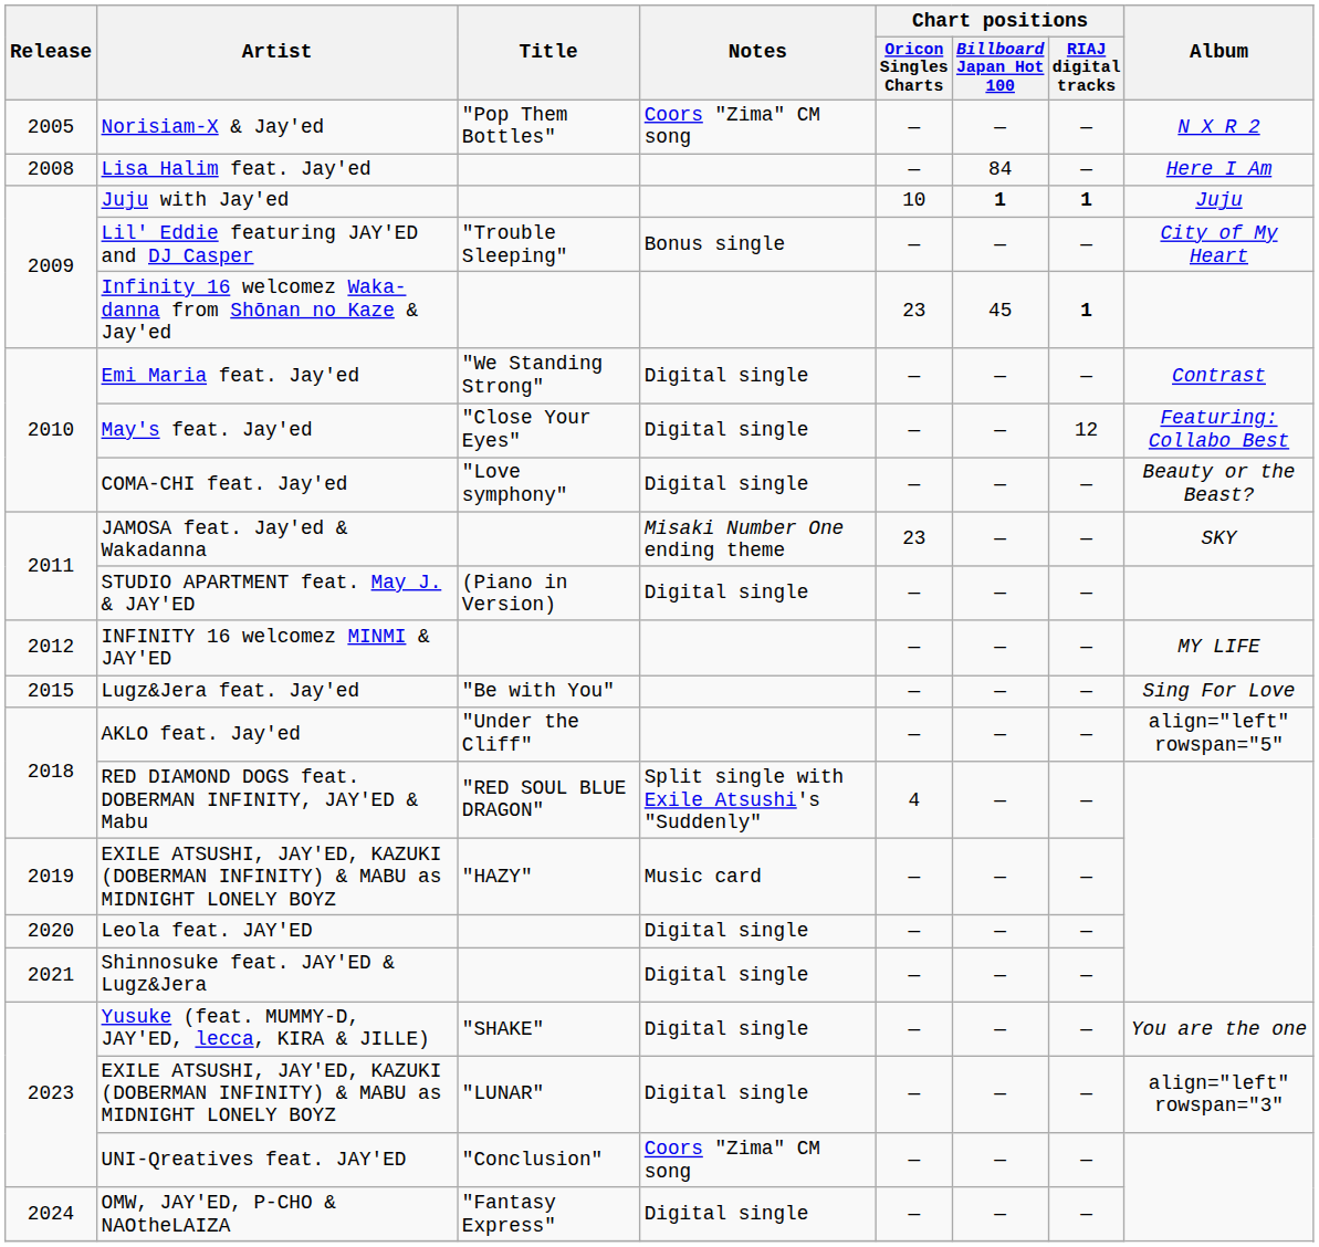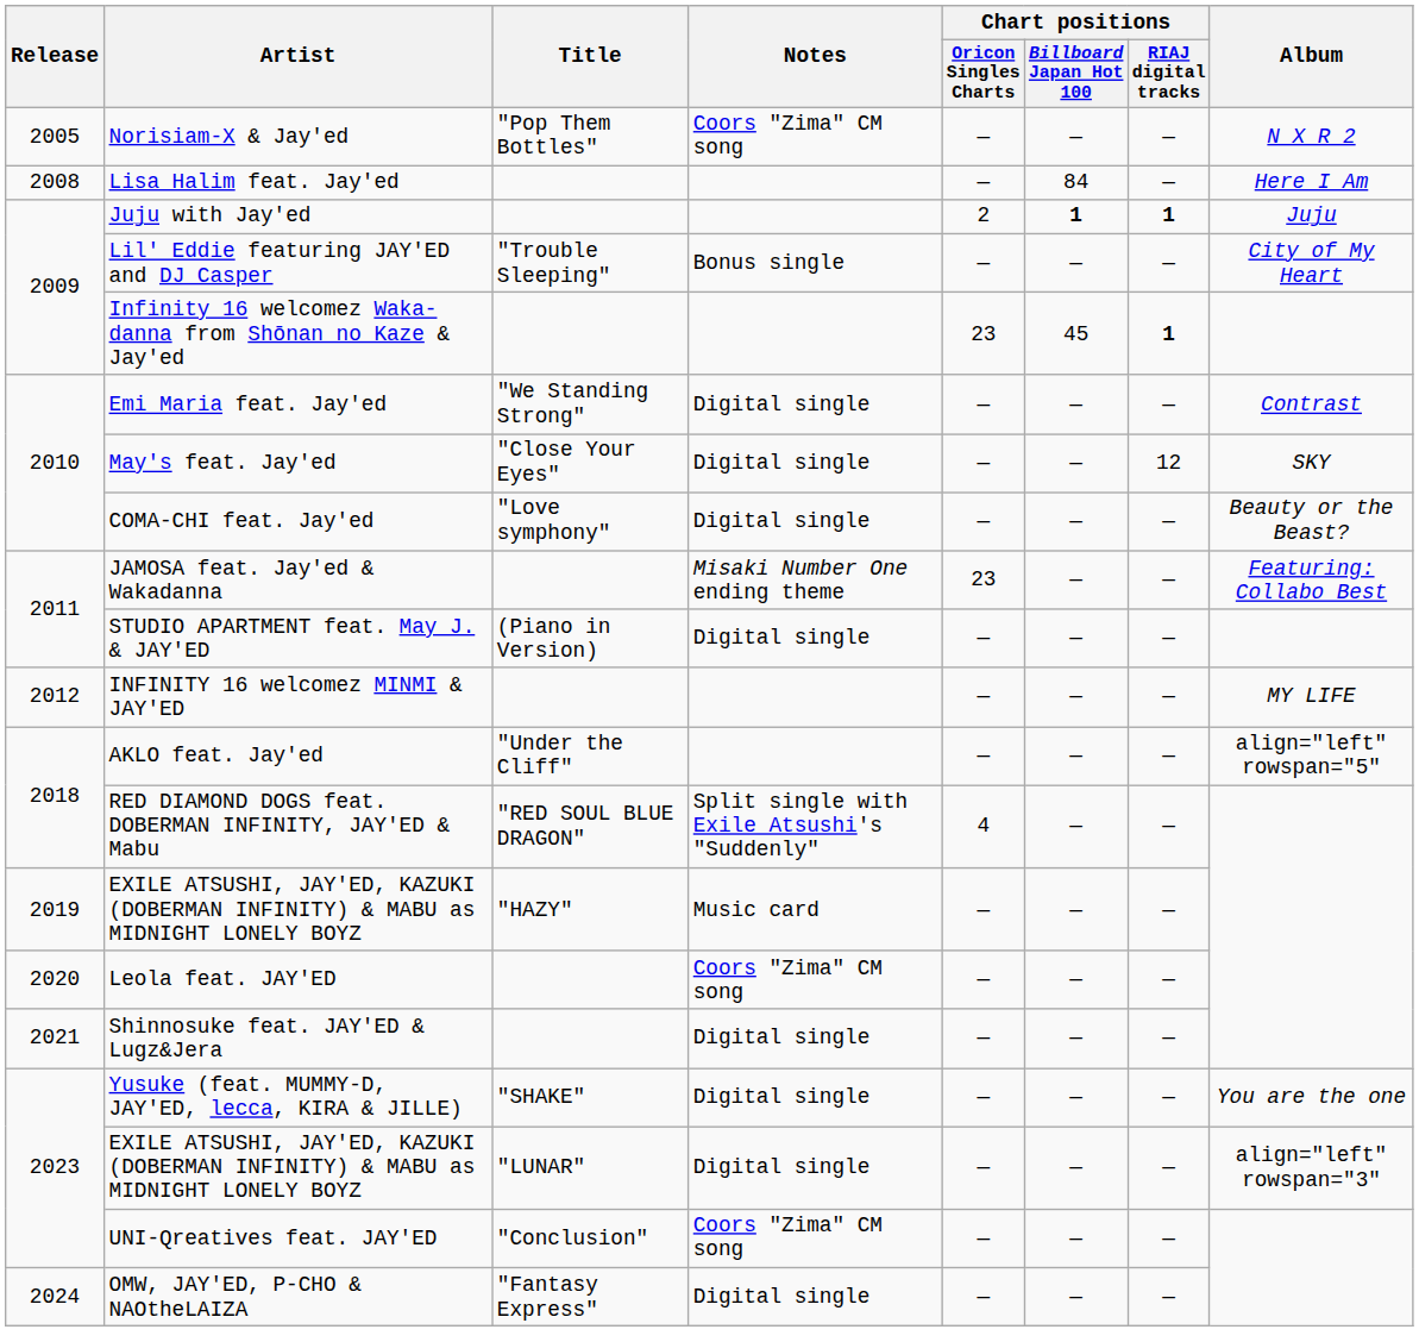 <table class="wikitable" style="text-align:center">
 <tr bgcolor="#CCCCCC">
 <th rowspan="2">Release</th>
 <th rowspan="2">Artist</th>
 <th rowspan="2">Title</th>
 <th rowspan="2">Notes</th>
 <th colspan="3">Chart positions</th>
 <th rowspan="2">Album</th>
 </tr>
 <tr style="font-size:smaller;">
 <th width="35"><a href='#'>Oricon</a> Singles Charts</th>
 <th width="35"><em><a href='#'>Billboard</a></em> <a href='#'>Japan Hot 100</a></th>
 <th width="35"><a href='#'>RIAJ</a> digital tracks</th>
 </tr>
 <tr>
 <td rowspan="1">2005</td>
 <td align="left"><a href='#'>Norisiam-X</a> & Jay'ed</td>
 <td align="left">"Pop Them Bottles"</td>
 <td align="left"><a href='#'>Coors</a> "Zima" CM song</td>
 <td>—</td>
 <td>—</td>
 <td>—</td>
 <td align="center" rowspan="1"><em><a href='#'>N X R 2</a></em></td>
 </tr>
 <tr>
 <td rowspan="1">2008</td>
 <td align="left"><a href='#'>Lisa Halim</a> feat. Jay'ed</td>
 <td align="left"></td>
 <td align="left"></td>
 <td>—</td>
 <td>84</td>
 <td>—</td>
 <td align="center" rowspan="1"><em><a href='#'>Here I Am</a></em></td>
 </tr>
 <tr>
 <td rowspan="3">2009</td>
 <td align="left"><a href='#'>Juju</a> with Jay'ed</td>
 <td align="left"></td>
 <td align="left"></td>
-<td>10</td>
+<td>2</td>
 <td><strong>1</strong></td>
 <td><strong>1</strong></td>
 <td align="center" rowspan="1"><em><a href='#'>Juju</a></em></td>
 </tr>
 <tr>
 <td align="left"><a href='#'>Lil' Eddie</a> featuring JAY'ED and <a href='#'>DJ Casper</a></td>
 <td align="left">"Trouble Sleeping"</td>
 <td align="left">Bonus single</td>
 <td>—</td>
 <td>—</td>
 <td>—</td>
 <td align="center" rowspan="1"><em><a href='#'>City of My Heart</a></em></td>
 </tr>
 <tr>
 <td align="left"><a href='#'>Infinity 16</a> welcomez <a href='#'>Waka-danna</a> from <a href='#'>Shōnan no Kaze</a> & Jay'ed</td>
 <td align="left"></td>
 <td align="left"></td>
 <td>23</td>
 <td>45</td>
 <td><strong>1</strong></td>
 <td></td>
 </tr>
 <tr>
 <td rowspan="3">2010</td>
 <td align="left"><a href='#'>Emi Maria</a> feat. Jay'ed</td>
 <td align="left">"We Standing Strong"</td>
 <td align="left">Digital single</td>
 <td>—</td>
 <td>—</td>
 <td>—</td>
 <td align="center" rowspan="1"><em><a href='#'>Contrast</a></em></td>
 </tr>
 <tr>
 <td align="left"><a href='#'>May's</a> feat. Jay'ed</td>
 <td align="left">"Close Your Eyes"</td>
 <td align="left">Digital single</td>
 <td>—</td>
 <td>—</td>
 <td>12</td>
-<td align="center" rowspan="1"><em><a href='#'>Featuring: Collabo Best</a></em></td>
+<td align="center" rowspan="1"><em>SKY</em></td>
 </tr>
 <tr>
 <td align="left">COMA-CHI feat. Jay'ed</td>
 <td align="left">"Love symphony"</td>
 <td align="left">Digital single</td>
 <td>—</td>
 <td>—</td>
 <td>—</td>
 <td align="center" rowspan="1"><em>Beauty or the Beast?</em></td>
 </tr>
 <tr>
 <td rowspan="2">2011</td>
 <td align="left">JAMOSA feat. Jay'ed & Wakadanna</td>
 <td align="left"></td>
 <td align="left"><em>Misaki Number One</em> ending theme</td>
 <td>23</td>
 <td>—</td>
 <td>—</td>
-<td align="center" rowspan="1"><em>SKY</em></td>
+<td align="center" rowspan="1"><em><a href='#'>Featuring: Collabo Best</a></em></td>
 </tr>
 <tr>
 <td align="left">STUDIO APARTMENT feat. <a href='#'>May J.</a> & JAY'ED</td>
 <td align="left"> (Piano in Version)</td>
 <td align="left">Digital single</td>
 <td>—</td>
 <td>—</td>
 <td>—</td>
 <td align="center" rowspan="1"></td>
 </tr>
 <tr>
 <td rowspan="1">2012</td>
 <td align="left">INFINITY 16 welcomez <a href='#'>MINMI</a> & JAY'ED</td>
 <td align="left"></td>
 <td align="left"></td>
 <td>—</td>
 <td>—</td>
 <td>—</td>
 <td align="center" rowspan="1"><em>MY LIFE</em></td>
-</tr>
-<tr>
-<td rowspan="1">2015</td>
-<td align="left">Lugz&Jera feat. Jay'ed</td>
-<td align="left">"Be with You"</td>
-<td align="left"></td>
-<td>—</td>
-<td>—</td>
-<td>—</td>
-<td align="center" rowspan="1"><em>Sing For Love</em></td>
 </tr>
 <tr>
 <td rowspan="2">2018</td>
 <td align="left">AKLO feat. Jay'ed</td>
 <td align="left">"Under the Cliff"</td>
 <td align="left"></td>
 <td>—</td>
 <td>—</td>
 <td>—</td>
 <td>align="left" rowspan="5" </td>
 </tr>
 <tr>
 <td align="left">RED DIAMOND DOGS feat. DOBERMAN INFINITY, JAY'ED & Mabu</td>
 <td align="left">"RED SOUL BLUE DRAGON"</td>
 <td align="left">Split single with <a href='#'>Exile Atsushi</a>'s "Suddenly"</td>
 <td>4</td>
 <td>—</td>
 <td>—</td>
 </tr>
 <tr>
 <td>2019</td>
 <td align="left">EXILE ATSUSHI, JAY'ED, KAZUKI (DOBERMAN INFINITY) & MABU as MIDNIGHT LONELY BOYZ</td>
 <td align="left">"HAZY"</td>
 <td align="left">Music card</td>
 <td>—</td>
 <td>—</td>
 <td>—</td>
 </tr>
 <tr>
 <td>2020</td>
 <td align="left">Leola feat. JAY'ED</td>
 <td align="left"></td>
-<td align="left">Digital single</td>
+<td align="left"><a href='#'>Coors</a> "Zima" CM song</td>
 <td>—</td>
 <td>—</td>
 <td>—</td>
 </tr>
 <tr>
 <td>2021</td>
 <td align="left">Shinnosuke feat. JAY'ED & Lugz&Jera</td>
 <td align="left"></td>
 <td align="left">Digital single</td>
 <td>—</td>
 <td>—</td>
 <td>—</td>
 </tr>
 <tr>
 <td align="center" rowspan="3">2023</td>
 <td align="left"><a href='#'>Yusuke</a> (feat. MUMMY-D, JAY'ED, <a href='#'>lecca</a>, KIRA & JILLE)</td>
 <td align="left">"SHAKE"</td>
 <td align="left">Digital single</td>
 <td>—</td>
 <td>—</td>
 <td>—</td>
 <td><em>You are the one</em></td>
 </tr>
 <tr>
 <td align="left">EXILE ATSUSHI, JAY'ED, KAZUKI (DOBERMAN INFINITY) & MABU as MIDNIGHT LONELY BOYZ</td>
 <td align="left">"LUNAR"</td>
 <td align="left">Digital single</td>
 <td>—</td>
 <td>—</td>
 <td>—</td>
 <td>align="left" rowspan="3" </td>
 </tr>
 <tr>
 <td align="left">UNI-Qreatives feat. JAY'ED</td>
 <td align="left">"Conclusion"</td>
 <td align="left"><a href='#'>Coors</a> "Zima" CM song</td>
 <td>—</td>
 <td>—</td>
 <td>—</td>
 </tr>
 <tr>
 <td align="center">2024</td>
 <td align="left">OMW, JAY'ED, P-CHO & NAOtheLAIZA</td>
 <td align="left">"Fantasy Express"</td>
 <td align="left">Digital single</td>
 <td>—</td>
 <td>—</td>
 <td>—</td>
 </tr>
 <tr>
 </tr>
 </table>
